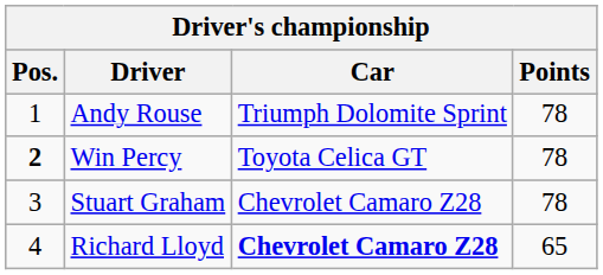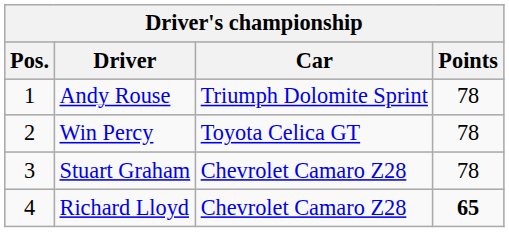 <table class="wikitable" style="font-size: 90%">
 <tr>
 <th colspan=4>Driver's championship</th>
 </tr>
 <tr>
 <th>Pos.</th>
 <th>Driver</th>
 <th>Car </th>
 <th>Points</th>
 </tr>
 <tr>
 <td align=center>1</td>
 <td> <a href='#'>Andy Rouse</a></td>
 <td><a href='#'>Triumph Dolomite Sprint</a></td>
 <td align=center>78</td>
 </tr>
 <tr>
-<td align=center><strong>2</strong></td>
+<td align=center>2</td>
 <td> <a href='#'>Win Percy</a></td>
 <td><a href='#'>Toyota Celica GT</a></td>
 <td align=center>78</td>
 </tr>
 <tr>
 <td align=center>3</td>
 <td> <a href='#'>Stuart Graham</a></td>
 <td><a href='#'>Chevrolet Camaro Z28</a></td>
 <td align=center>78</td>
 </tr>
 <tr>
 <td align=center>4</td>
 <td> <a href='#'>Richard Lloyd</a></td>
-<td><strong><a href='#'>Chevrolet Camaro Z28</a></strong></td>
-<td align=center>65</td>
+<td><a href='#'>Chevrolet Camaro Z28</a></td>
+<td align=center><strong>65</strong></td>
 </tr>
 </table>
